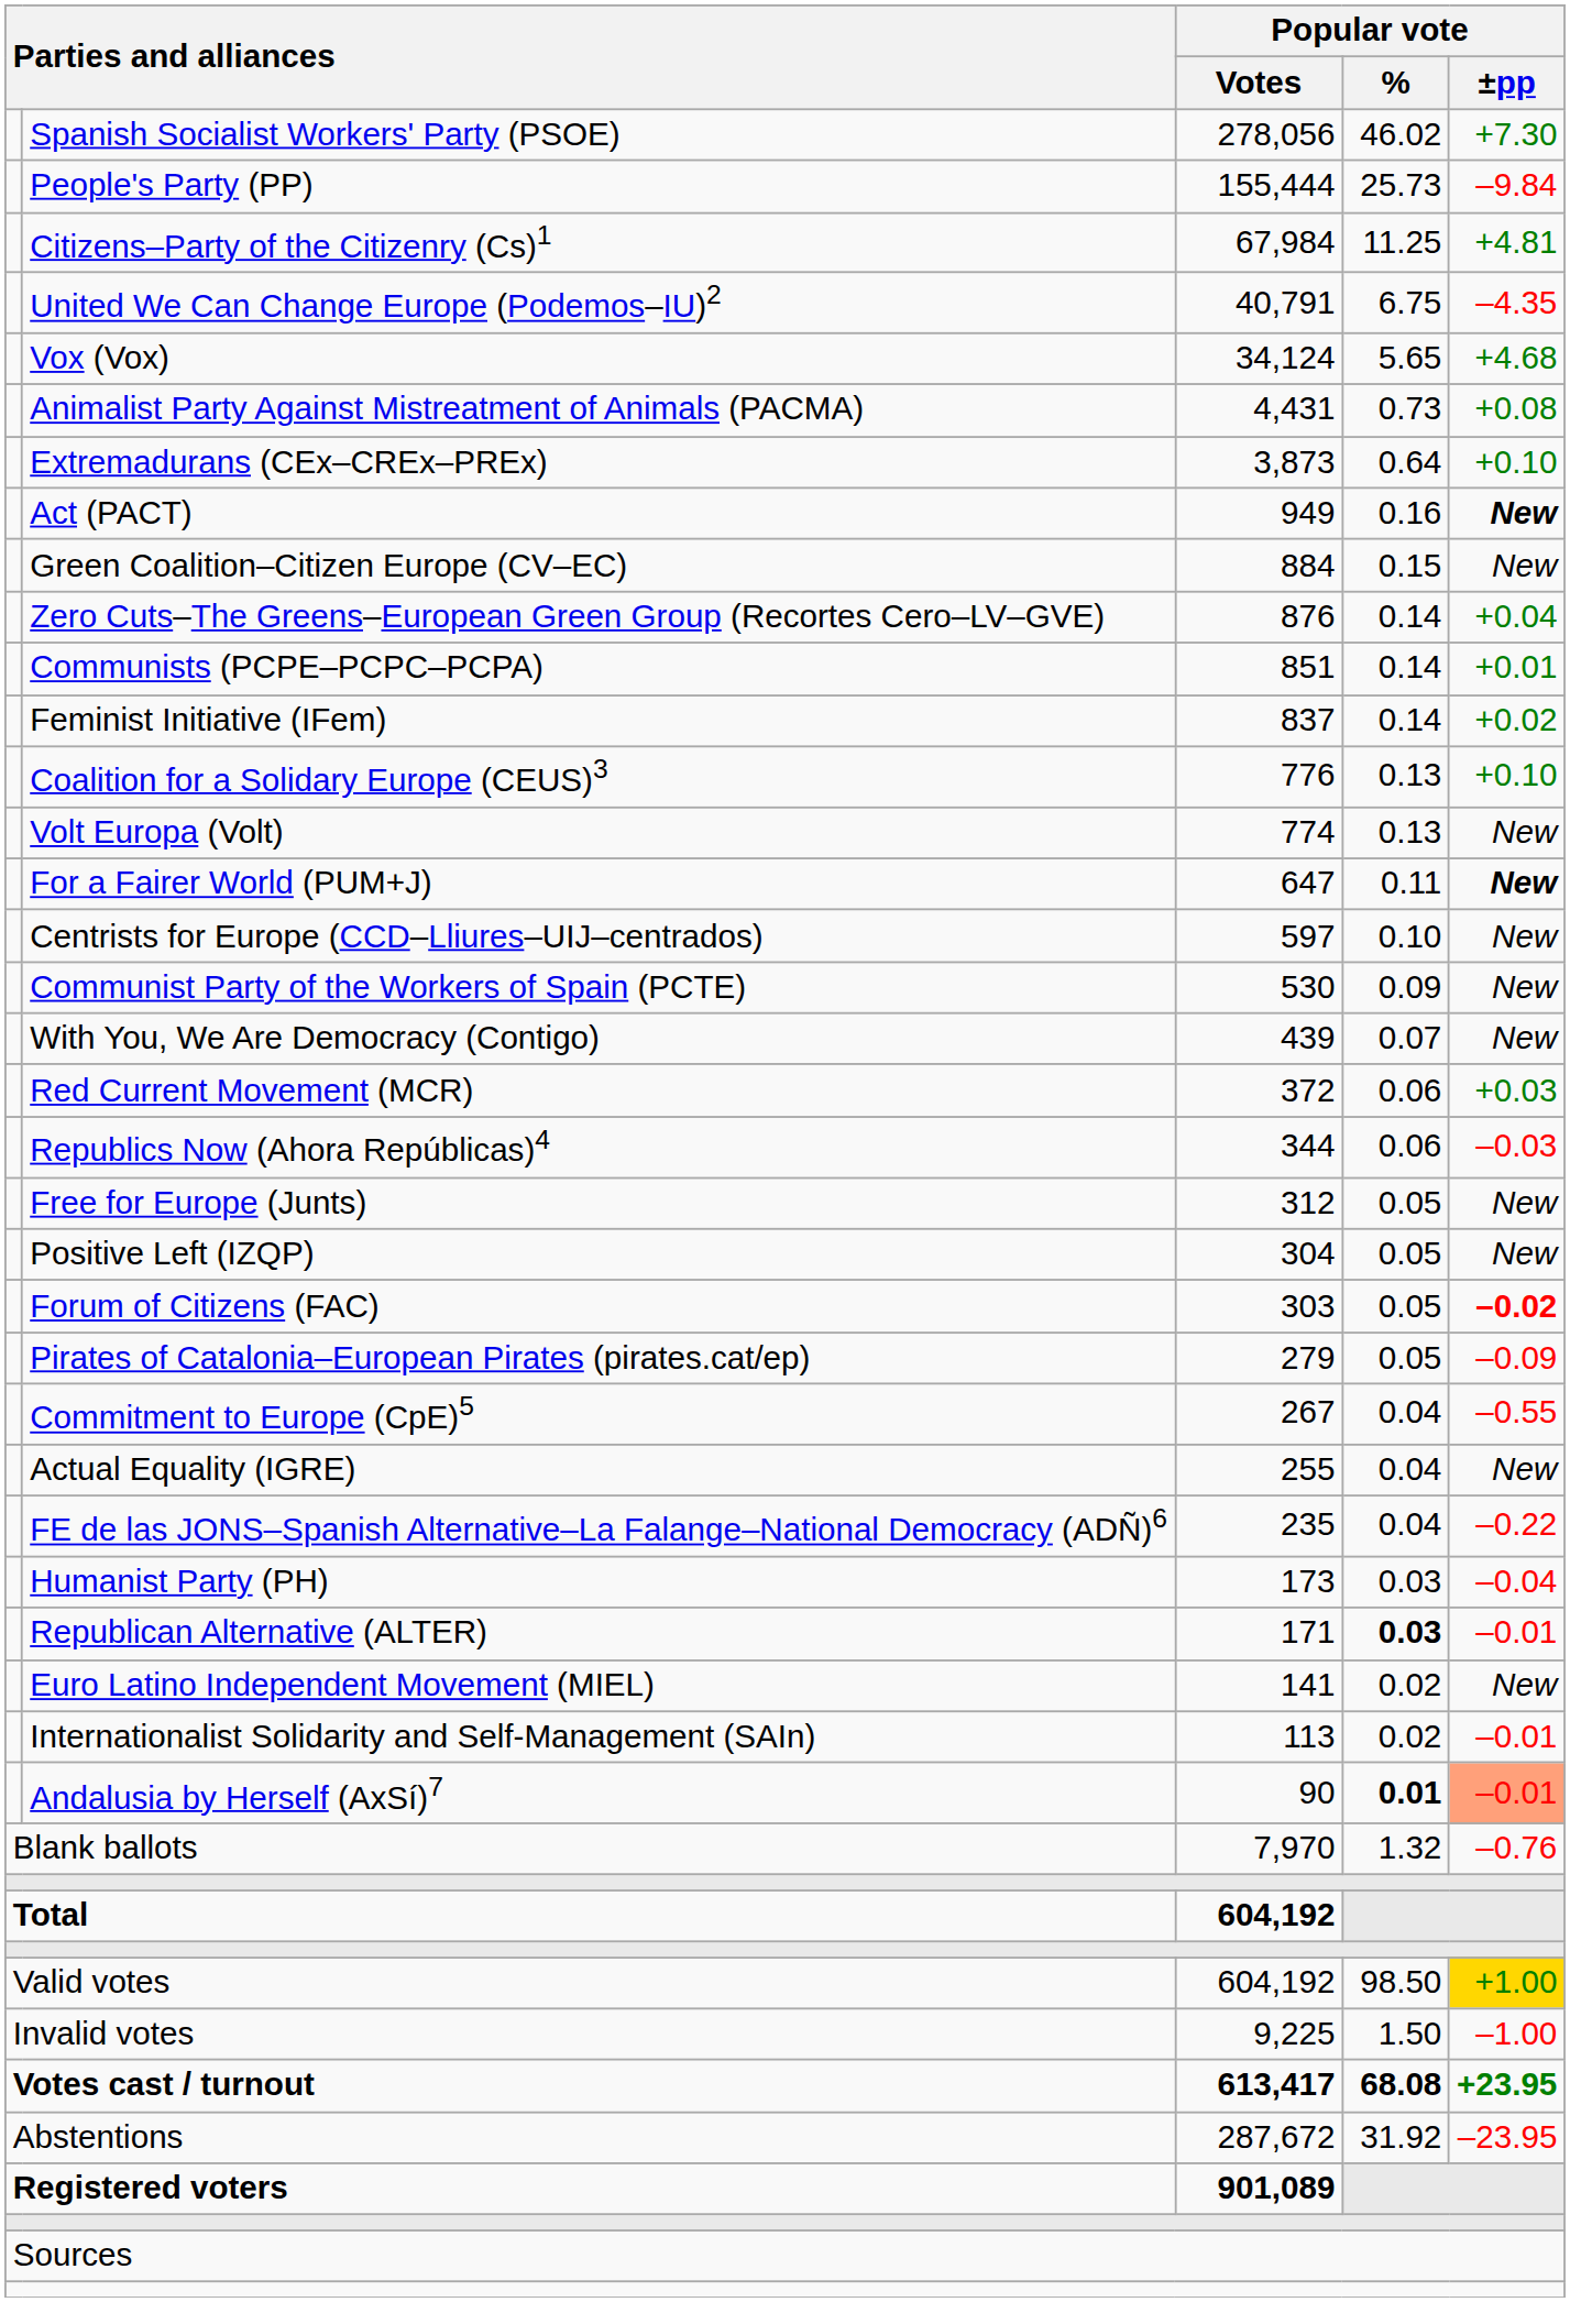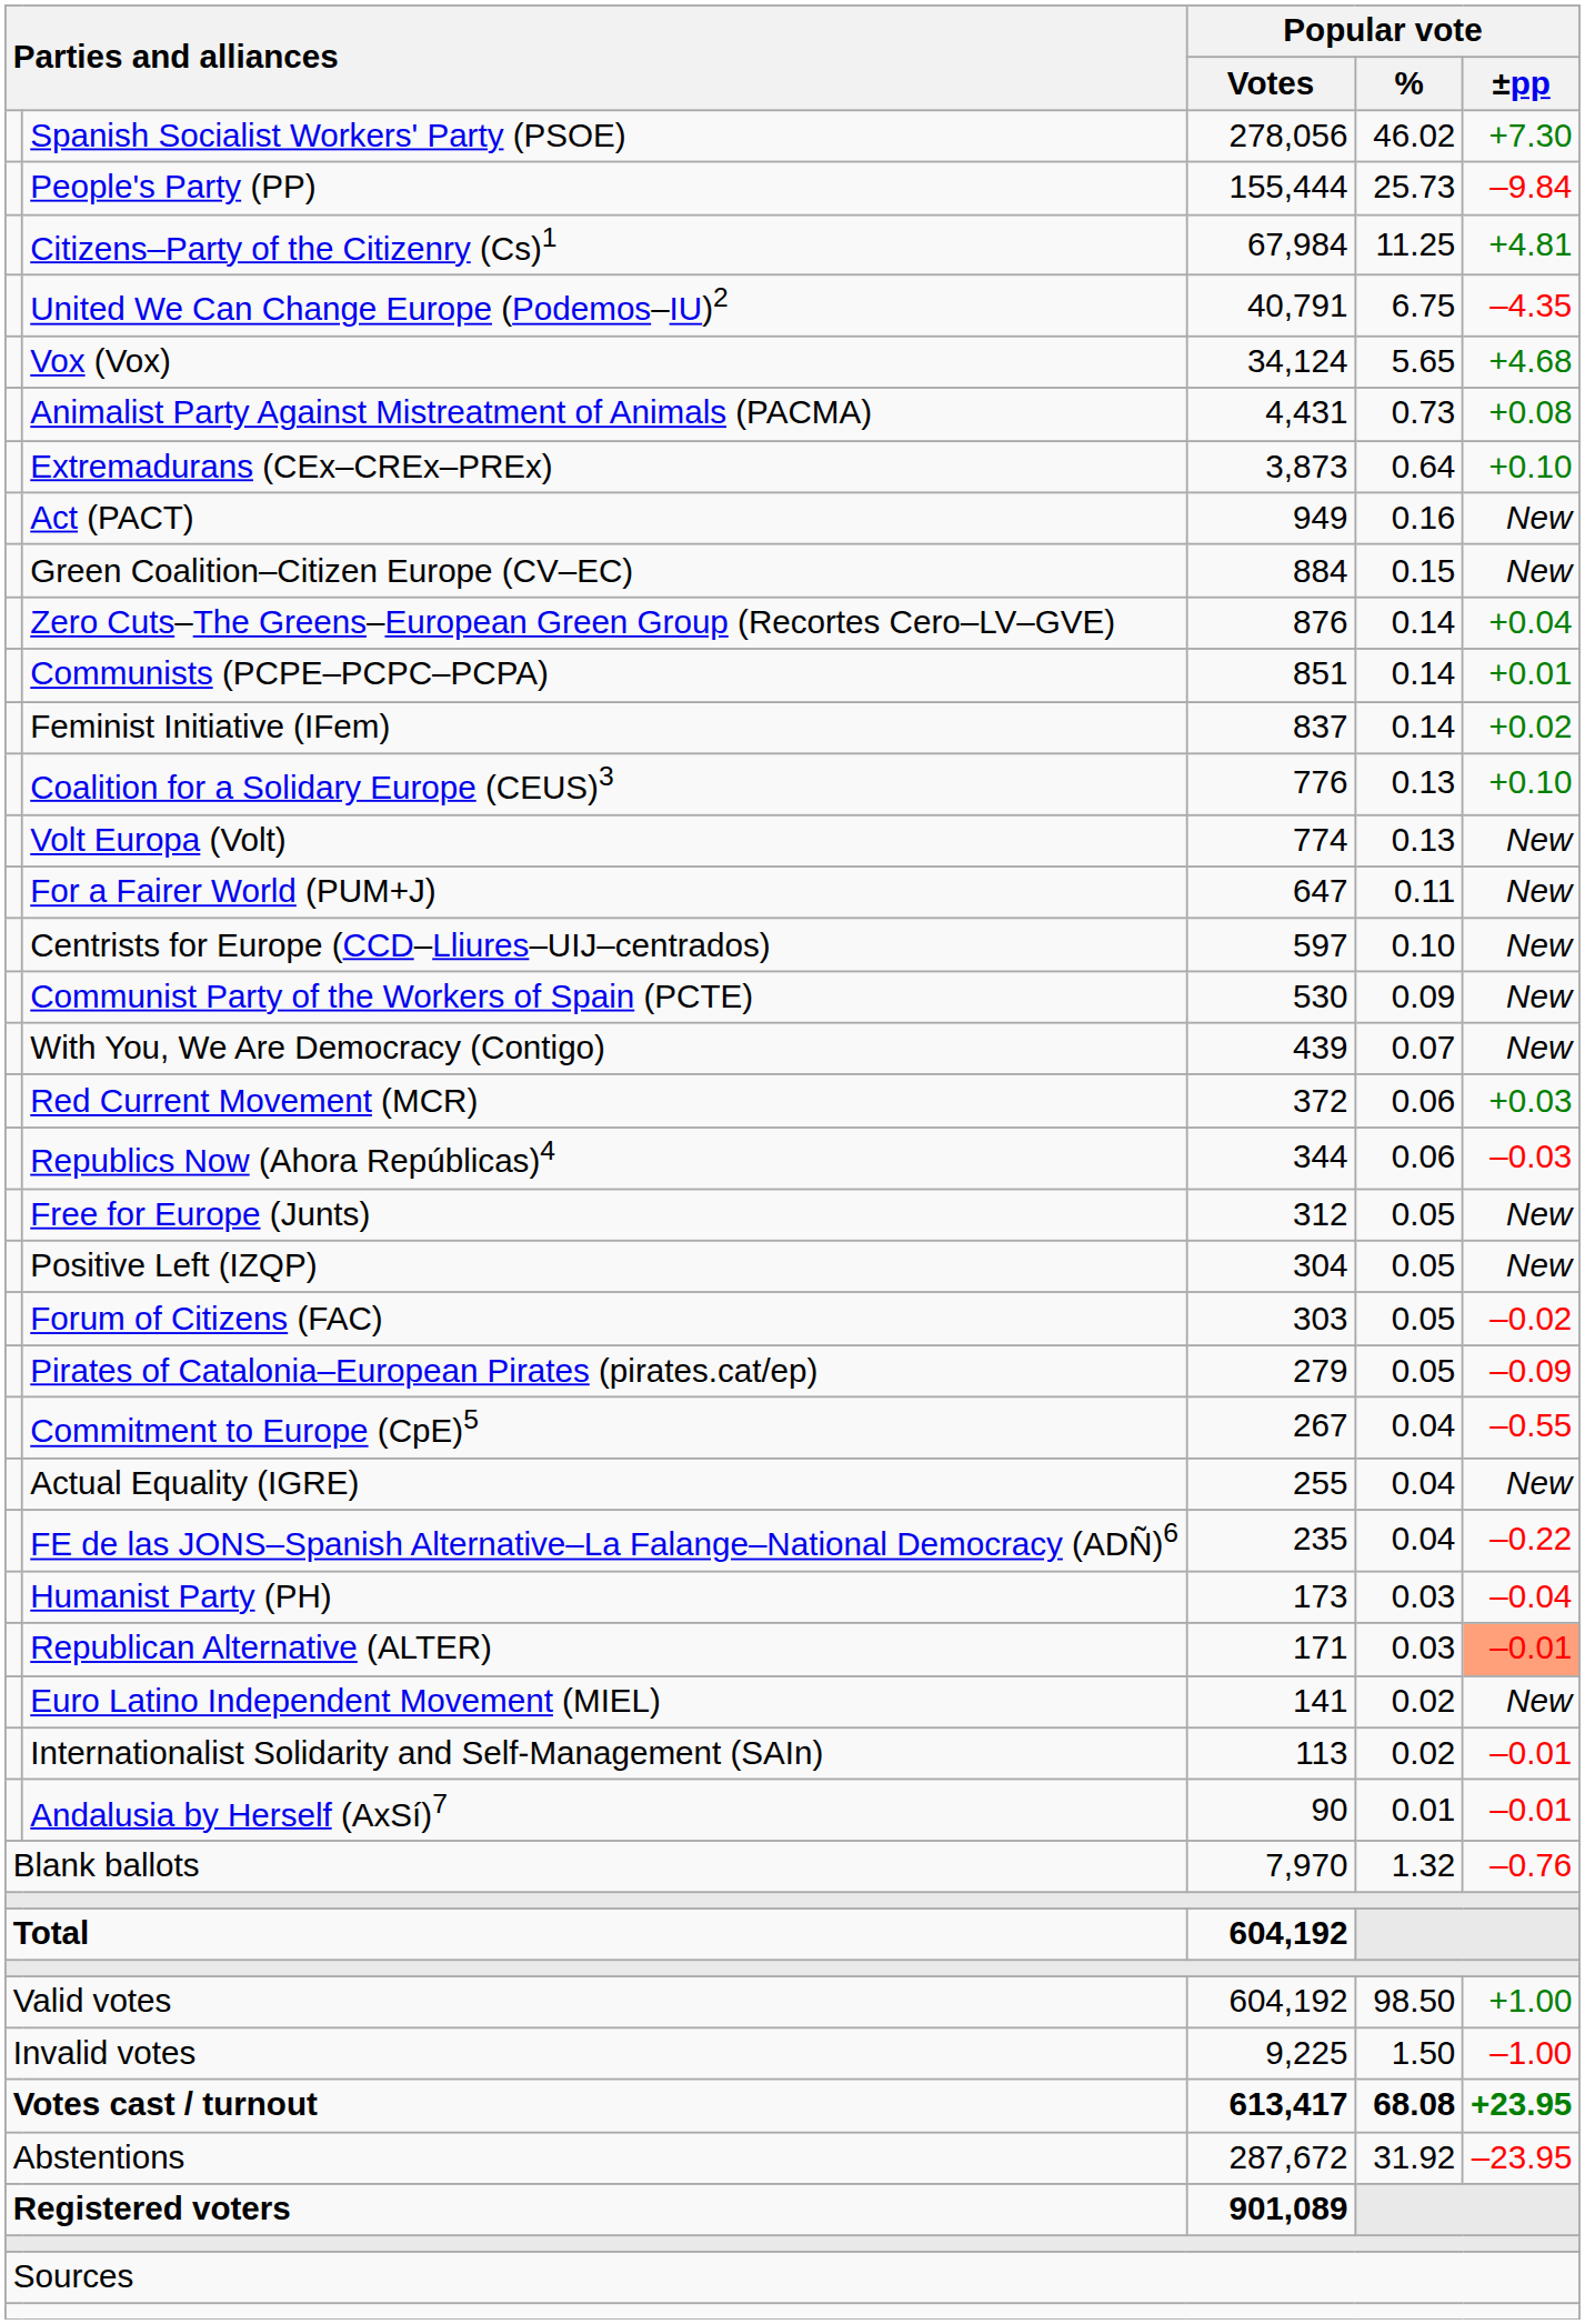 <table class="wikitable" style="text-align:right;">
 <tr>
 <th style="text-align:left;" rowspan="2" colspan="2" width="525">Parties and alliances</th>
 <th colspan="3">Popular vote</th>
 </tr>
 <tr>
 <th width="75">Votes</th>
 <th width="45">%</th>
 <th width="45">±<a href='#'>pp</a></th>
 </tr>
 <tr>
 <td width="1" style="color:inherit;background:"></td>
 <td align="left"><a href='#'>Spanish Socialist Workers' Party</a> (PSOE)</td>
 <td>278,056</td>
 <td>46.02</td>
 <td style="color:green;">+7.30</td>
 </tr>
 <tr>
 <td style="color:inherit;background:"></td>
 <td align="left"><a href='#'>People's Party</a> (PP)</td>
 <td>155,444</td>
 <td>25.73</td>
 <td style="color:red;">–9.84</td>
 </tr>
 <tr>
 <td style="color:inherit;background:"></td>
 <td align="left"><a href='#'>Citizens–Party of the Citizenry</a> (Cs)<sup>1</sup></td>
 <td>67,984</td>
 <td>11.25</td>
 <td style="color:green;">+4.81</td>
 </tr>
 <tr>
 <td style="color:inherit;background:"></td>
 <td align="left"><a href='#'>United We Can Change Europe</a> (<a href='#'>Podemos</a>–<a href='#'>IU</a>)<sup>2</sup></td>
 <td>40,791</td>
 <td>6.75</td>
 <td style="color:red;">–4.35</td>
 </tr>
 <tr>
 <td style="color:inherit;background:"></td>
 <td align="left"><a href='#'>Vox</a> (Vox)</td>
 <td>34,124</td>
 <td>5.65</td>
 <td style="color:green;">+4.68</td>
 </tr>
 <tr>
 <td style="color:inherit;background:"></td>
 <td align="left"><a href='#'>Animalist Party Against Mistreatment of Animals</a> (PACMA)</td>
 <td>4,431</td>
 <td>0.73</td>
 <td style="color:green;">+0.08</td>
 </tr>
 <tr>
 <td style="color:inherit;background:"></td>
 <td align="left"><a href='#'>Extremadurans</a> (CEx–CREx–PREx)</td>
 <td>3,873</td>
 <td>0.64</td>
 <td style="color:green;">+0.10</td>
 </tr>
 <tr>
 <td style="color:inherit;background:"></td>
 <td align="left"><a href='#'>Act</a> (PACT)</td>
 <td>949</td>
 <td>0.16</td>
-<td><strong><em>New</em></strong></td>
+<td><em>New</em></td>
 </tr>
 <tr>
 <td style="color:inherit;background:"></td>
 <td align="left">Green Coalition–Citizen Europe (CV–EC)</td>
 <td>884</td>
 <td>0.15</td>
 <td><em>New</em></td>
 </tr>
 <tr>
 <td style="color:inherit;background:"></td>
 <td align="left"><a href='#'>Zero Cuts</a>–<a href='#'>The Greens</a>–<a href='#'>European Green Group</a> (Recortes Cero–LV–GVE)</td>
 <td>876</td>
 <td>0.14</td>
 <td style="color:green;">+0.04</td>
 </tr>
 <tr>
 <td style="color:inherit;background:"></td>
 <td align="left"><a href='#'>Communists</a> (PCPE–PCPC–PCPA)</td>
 <td>851</td>
 <td>0.14</td>
 <td style="color:green;">+0.01</td>
 </tr>
 <tr>
 <td style="color:inherit;background:"></td>
 <td align="left">Feminist Initiative (IFem)</td>
 <td>837</td>
 <td>0.14</td>
 <td style="color:green;">+0.02</td>
 </tr>
 <tr>
 <td style="color:inherit;background:"></td>
 <td align="left"><a href='#'>Coalition for a Solidary Europe</a> (CEUS)<sup>3</sup></td>
 <td>776</td>
 <td>0.13</td>
 <td style="color:green;">+0.10</td>
 </tr>
 <tr>
 <td style="color:inherit;background:"></td>
 <td align="left"><a href='#'>Volt Europa</a> (Volt)</td>
 <td>774</td>
 <td>0.13</td>
 <td><em>New</em></td>
 </tr>
 <tr>
 <td style="color:inherit;background:"></td>
 <td align="left"><a href='#'>For a Fairer World</a> (PUM+J)</td>
 <td>647</td>
 <td>0.11</td>
-<td><strong><em>New</em></strong></td>
+<td><em>New</em></td>
 </tr>
 <tr>
 <td style="color:inherit;background:"></td>
 <td align="left">Centrists for Europe (<a href='#'>CCD</a>–<a href='#'>Lliures</a>–UIJ–centrados)</td>
 <td>597</td>
 <td>0.10</td>
 <td><em>New</em></td>
 </tr>
 <tr>
 <td style="color:inherit;background:"></td>
 <td align="left"><a href='#'>Communist Party of the Workers of Spain</a> (PCTE)</td>
 <td>530</td>
 <td>0.09</td>
 <td><em>New</em></td>
 </tr>
 <tr>
 <td style="color:inherit;background:"></td>
 <td align="left">With You, We Are Democracy (Contigo)</td>
 <td>439</td>
 <td>0.07</td>
 <td><em>New</em></td>
 </tr>
 <tr>
 <td style="color:inherit;background:"></td>
 <td align="left"><a href='#'>Red Current Movement</a> (MCR)</td>
 <td>372</td>
 <td>0.06</td>
 <td style="color:green;">+0.03</td>
 </tr>
 <tr>
 <td style="color:inherit;background:"></td>
 <td align="left"><a href='#'>Republics Now</a> (Ahora Repúblicas)<sup>4</sup></td>
 <td>344</td>
 <td>0.06</td>
 <td style="color:red;">–0.03</td>
 </tr>
 <tr>
 <td style="color:inherit;background:"></td>
 <td align="left"><a href='#'>Free for Europe</a> (Junts)</td>
 <td>312</td>
 <td>0.05</td>
 <td><em>New</em></td>
 </tr>
 <tr>
 <td style="color:inherit;background:"></td>
 <td align="left">Positive Left (IZQP)</td>
 <td>304</td>
 <td>0.05</td>
 <td><em>New</em></td>
 </tr>
 <tr>
 <td style="color:inherit;background:"></td>
 <td align="left"><a href='#'>Forum of Citizens</a> (FAC)</td>
 <td>303</td>
 <td>0.05</td>
-<td style="color:red;"><strong>–0.02</strong></td>
+<td style="color:red;">–0.02</td>
 </tr>
 <tr>
 <td style="color:inherit;background:"></td>
 <td align="left"><a href='#'>Pirates of Catalonia–European Pirates</a> (pirates.cat/ep)</td>
 <td>279</td>
 <td>0.05</td>
 <td style="color:red;">–0.09</td>
 </tr>
 <tr>
 <td style="color:inherit;background:"></td>
 <td align="left"><a href='#'>Commitment to Europe</a> (CpE)<sup>5</sup></td>
 <td>267</td>
 <td>0.04</td>
 <td style="color:red;">–0.55</td>
 </tr>
 <tr>
 <td style="color:inherit;background:"></td>
 <td align="left">Actual Equality (IGRE)</td>
 <td>255</td>
 <td>0.04</td>
 <td><em>New</em></td>
 </tr>
 <tr>
 <td style="color:inherit;background:"></td>
 <td align="left"><a href='#'>FE de las JONS–Spanish Alternative–La Falange–National Democracy</a> (ADÑ)<sup>6</sup></td>
 <td>235</td>
 <td>0.04</td>
 <td style="color:red;">–0.22</td>
 </tr>
 <tr>
 <td style="color:inherit;background:"></td>
 <td align="left"><a href='#'>Humanist Party</a> (PH)</td>
 <td>173</td>
 <td>0.03</td>
 <td style="color:red;">–0.04</td>
 </tr>
 <tr>
 <td style="color:inherit;background:"></td>
 <td align="left"><a href='#'>Republican Alternative</a> (ALTER)</td>
 <td>171</td>
-<td><strong>0.03</strong></td>
-<td style="color:red;">–0.01</td>
+<td>0.03</td>
+<td style="background: lightsalmon; color:red;">–0.01</td>
 </tr>
 <tr>
 <td style="color:inherit;background:"></td>
 <td align="left"><a href='#'>Euro Latino Independent Movement</a> (MIEL)</td>
 <td>141</td>
 <td>0.02</td>
 <td><em>New</em></td>
 </tr>
 <tr>
 <td style="color:inherit;background:"></td>
 <td align="left">Internationalist Solidarity and Self-Management (SAIn)</td>
 <td>113</td>
 <td>0.02</td>
 <td style="color:red;">–0.01</td>
 </tr>
 <tr>
 <td style="color:inherit;background:"></td>
 <td align="left"><a href='#'>Andalusia by Herself</a> (AxSí)<sup>7</sup></td>
 <td>90</td>
-<td><strong>0.01</strong></td>
-<td style="background: lightsalmon; color:red;">–0.01</td>
+<td>0.01</td>
+<td style="color:red;">–0.01</td>
 </tr>
 <tr>
 <td align="left" colspan="2">Blank ballots</td>
 <td>7,970</td>
 <td>1.32</td>
 <td style="color:red;">–0.76</td>
 </tr>
 <tr>
 <td colspan="5" bgcolor="#E9E9E9"></td>
 </tr>
 <tr style="font-weight:bold;">
 <td align="left" colspan="2">Total</td>
 <td>604,192</td>
 <td bgcolor="#E9E9E9" colspan="2"></td>
 </tr>
 <tr>
 <td colspan="5" bgcolor="#E9E9E9"></td>
 </tr>
 <tr>
 <td align="left" colspan="2">Valid votes</td>
 <td>604,192</td>
 <td>98.50</td>
-<td style="background: gold; color:green;">+1.00</td>
+<td style="color:green;">+1.00</td>
 </tr>
 <tr>
 <td align="left" colspan="2">Invalid votes</td>
 <td>9,225</td>
 <td>1.50</td>
 <td style="color:red;">–1.00</td>
 </tr>
 <tr style="font-weight:bold;">
 <td align="left" colspan="2">Votes cast / turnout</td>
 <td>613,417</td>
 <td>68.08</td>
 <td style="color:green;">+23.95</td>
 </tr>
 <tr>
 <td align="left" colspan="2">Abstentions</td>
 <td>287,672</td>
 <td>31.92</td>
 <td style="color:red;">–23.95</td>
 </tr>
 <tr style="font-weight:bold;">
 <td align="left" colspan="2">Registered voters</td>
 <td>901,089</td>
 <td bgcolor="#E9E9E9" colspan="2"></td>
 </tr>
 <tr>
 <td colspan="5" bgcolor="#E9E9E9"></td>
 </tr>
 <tr>
 <td align="left" colspan="5">Sources</td>
 </tr>
 <tr>
 <td colspan="5" style="text-align:left; max-width:680px;"></td>
 </tr>
 </table>
